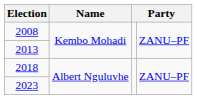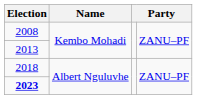 <table class="wikitable" style="text-align:center">
 <tr>
 <th>Election</th>
 <th>Name</th>
 <th colspan="2">Party</th>
 </tr>
 <tr>
 <td><a href='#'>2008</a></td>
 <td rowspan="2"><a href='#'>Kembo Mohadi</a></td>
 <td rowspan="2" style="background-color: "></td>
 <td rowspan="2"><a href='#'>ZANU–PF</a></td>
 </tr>
 <tr>
 <td><a href='#'>2013</a></td>
 </tr>
 <tr>
 <td><a href='#'>2018</a></td>
 <td rowspan="2"><a href='#'>Albert Nguluvhe</a></td>
 <td rowspan="2" style="background-color: "></td>
 <td rowspan="2"><a href='#'>ZANU–PF</a></td>
 </tr>
 <tr>
-<td><a href='#'>2023</a></td>
+<td><strong><a href='#'>2023</a></strong></td>
 </tr>
 </table>
